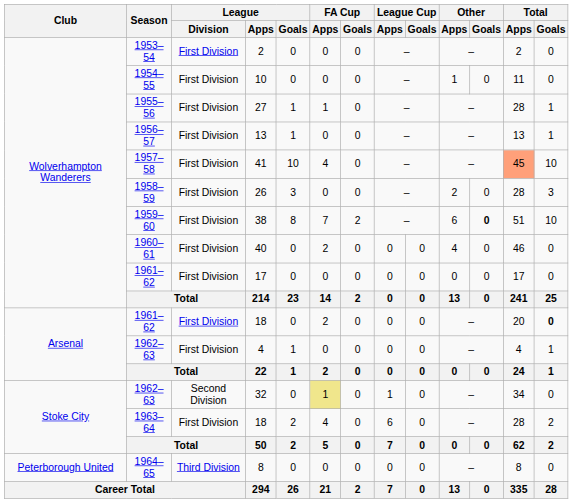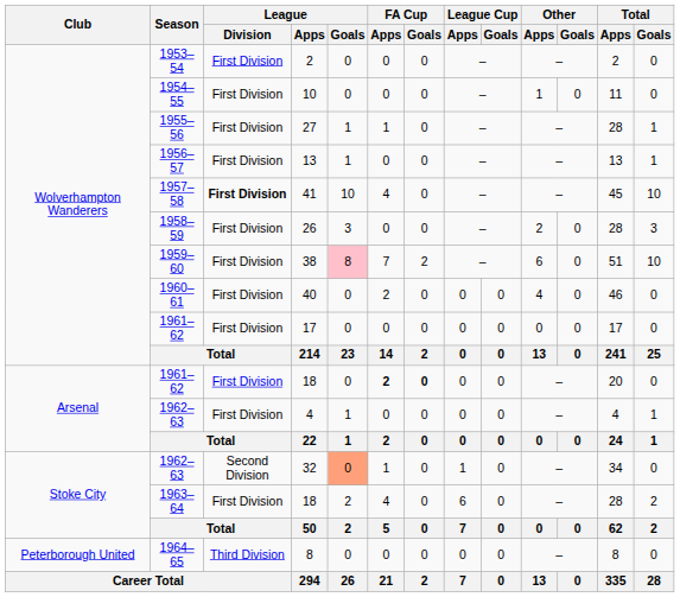 <table class="wikitable" style="text-align: center;">
 <tr>
 <th rowspan="2">Club</th>
 <th rowspan="2">Season</th>
 <th colspan="3">League</th>
 <th colspan="2">FA Cup</th>
 <th colspan="2">League Cup</th>
 <th colspan="2">Other</th>
 <th colspan="2">Total</th>
 </tr>
 <tr>
 <th>Division</th>
 <th>Apps</th>
 <th>Goals</th>
 <th>Apps</th>
 <th>Goals</th>
 <th>Apps</th>
 <th>Goals</th>
 <th>Apps</th>
 <th>Goals</th>
 <th>Apps</th>
 <th>Goals</th>
 </tr>
 <tr>
 <td rowspan="10"><a href='#'>Wolverhampton Wanderers</a></td>
 <td><a href='#'>1953–54</a></td>
 <td><a href='#'>First Division</a></td>
 <td>2</td>
 <td>0</td>
 <td>0</td>
 <td>0</td>
 <td colspan="2">–</td>
 <td colspan="2">–</td>
 <td>2</td>
 <td>0</td>
 </tr>
 <tr>
 <td><a href='#'>1954–55</a></td>
 <td>First Division</td>
 <td>10</td>
 <td>0</td>
 <td>0</td>
 <td>0</td>
 <td colspan="2">–</td>
 <td>1</td>
 <td>0</td>
 <td>11</td>
 <td>0</td>
 </tr>
 <tr>
 <td><a href='#'>1955–56</a></td>
 <td>First Division</td>
 <td>27</td>
 <td>1</td>
 <td>1</td>
 <td>0</td>
 <td colspan="2">–</td>
 <td colspan="2">–</td>
 <td>28</td>
 <td>1</td>
 </tr>
 <tr>
 <td><a href='#'>1956–57</a></td>
 <td>First Division</td>
 <td>13</td>
 <td>1</td>
 <td>0</td>
 <td>0</td>
 <td colspan="2">–</td>
 <td colspan="2">–</td>
 <td>13</td>
 <td>1</td>
 </tr>
 <tr>
 <td><a href='#'>1957–58</a></td>
-<td>First Division</td>
+<td><strong>First Division</strong></td>
 <td>41</td>
 <td>10</td>
 <td>4</td>
 <td>0</td>
 <td colspan="2">–</td>
 <td colspan="2">–</td>
-<td style="background: lightsalmon;">45</td>
+<td>45</td>
 <td>10</td>
 </tr>
 <tr>
 <td><a href='#'>1958–59</a></td>
 <td>First Division</td>
 <td>26</td>
 <td>3</td>
 <td>0</td>
 <td>0</td>
 <td colspan="2">–</td>
 <td>2</td>
 <td>0</td>
 <td>28</td>
 <td>3</td>
 </tr>
 <tr>
 <td><a href='#'>1959–60</a></td>
 <td>First Division</td>
 <td>38</td>
-<td>8</td>
+<td style="background: pink;">8</td>
 <td>7</td>
 <td>2</td>
 <td colspan="2">–</td>
 <td>6</td>
-<td><strong>0</strong></td>
+<td>0</td>
 <td>51</td>
 <td>10</td>
 </tr>
 <tr>
 <td><a href='#'>1960–61</a></td>
 <td>First Division</td>
 <td>40</td>
 <td>0</td>
 <td>2</td>
 <td>0</td>
 <td>0</td>
 <td>0</td>
 <td>4</td>
 <td>0</td>
 <td>46</td>
 <td>0</td>
 </tr>
 <tr>
 <td><a href='#'>1961–62</a></td>
 <td>First Division</td>
 <td>17</td>
 <td>0</td>
 <td>0</td>
 <td>0</td>
 <td>0</td>
 <td>0</td>
 <td>0</td>
 <td>0</td>
 <td>17</td>
 <td>0</td>
 </tr>
 <tr>
 <th colspan="2">Total</th>
 <th>214</th>
 <th>23</th>
 <th>14</th>
 <th>2</th>
 <th>0</th>
 <th>0</th>
 <th>13</th>
 <th>0</th>
 <th>241</th>
 <th>25</th>
 </tr>
 <tr>
 <td rowspan="3"><a href='#'>Arsenal</a></td>
 <td><a href='#'>1961–62</a></td>
 <td><a href='#'>First Division</a></td>
 <td>18</td>
 <td>0</td>
-<td>2</td>
-<td>0</td>
+<td><strong>2</strong></td>
+<td><strong>0</strong></td>
 <td>0</td>
 <td>0</td>
 <td colspan="2">–</td>
 <td>20</td>
-<td><strong>0</strong></td>
+<td>0</td>
 </tr>
 <tr>
 <td><a href='#'>1962–63</a></td>
 <td>First Division</td>
 <td>4</td>
 <td>1</td>
 <td>0</td>
 <td>0</td>
 <td>0</td>
 <td>0</td>
 <td colspan="2">–</td>
 <td>4</td>
 <td>1</td>
 </tr>
 <tr>
 <th colspan="2">Total</th>
 <th>22</th>
 <th>1</th>
 <th>2</th>
 <th>0</th>
 <th>0</th>
 <th>0</th>
 <th>0</th>
 <th>0</th>
 <th>24</th>
 <th>1</th>
 </tr>
 <tr>
 <td rowspan="3"><a href='#'>Stoke City</a></td>
 <td><a href='#'>1962–63</a></td>
 <td>Second Division</td>
 <td>32</td>
-<td>0</td>
-<td style="background: khaki;">1</td>
+<td style="background: lightsalmon;">0</td>
+<td>1</td>
 <td>0</td>
 <td>1</td>
 <td>0</td>
 <td colspan="2">–</td>
 <td>34</td>
 <td>0</td>
 </tr>
 <tr>
 <td><a href='#'>1963–64</a></td>
 <td>First Division</td>
 <td>18</td>
 <td>2</td>
 <td>4</td>
 <td>0</td>
 <td>6</td>
 <td>0</td>
 <td colspan="2">–</td>
 <td>28</td>
 <td>2</td>
 </tr>
 <tr>
 <th colspan="2">Total</th>
 <th>50</th>
 <th>2</th>
 <th>5</th>
 <th>0</th>
 <th>7</th>
 <th>0</th>
 <th>0</th>
 <th>0</th>
 <th>62</th>
 <th>2</th>
 </tr>
 <tr>
 <td><a href='#'>Peterborough United</a></td>
 <td><a href='#'>1964–65</a></td>
 <td><a href='#'>Third Division</a></td>
 <td>8</td>
 <td>0</td>
 <td>0</td>
 <td>0</td>
 <td>0</td>
 <td>0</td>
 <td colspan="2">–</td>
 <td>8</td>
 <td>0</td>
 </tr>
 <tr>
 <th colspan="3">Career Total</th>
 <th>294</th>
 <th>26</th>
 <th>21</th>
 <th>2</th>
 <th>7</th>
 <th>0</th>
 <th>13</th>
 <th>0</th>
 <th>335</th>
 <th>28</th>
 </tr>
 </table>
